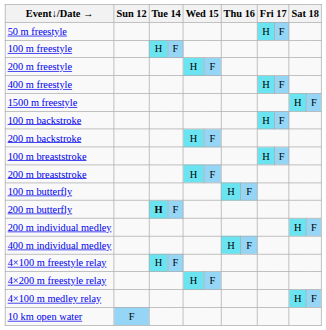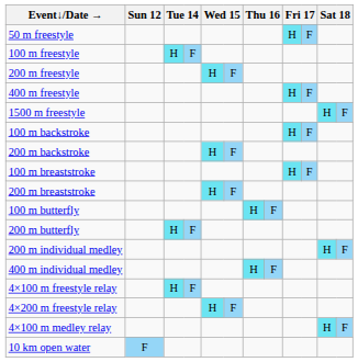 <table class="wikitable" style="margin:0.5em auto; font-size:90%; line-height:1.25em;">
 <tr style="text-align:center;">
 <th>Event↓/Date →</th>
 <th>Sun 12</th>
 <th colspan="2">Tue 14</th>
 <th colspan="2">Wed 15</th>
 <th colspan="2">Thu 16</th>
 <th colspan="2">Fri 17</th>
 <th colspan="2">Sat 18</th>
 </tr>
 <tr style="text-align:center;">
 <td style="text-align:left;"><a href='#'>50 m freestyle</a></td>
 <td></td>
 <td colspan="2"></td>
 <td colspan="2"></td>
 <td colspan="2"></td>
 <td style="background-color:#6be4f2;">H</td>
 <td style="background-color:#95d6f7;">F</td>
 <td colspan="2"></td>
 </tr>
 <tr style="text-align:center;">
 <td style="text-align:left;"><a href='#'>100 m freestyle</a></td>
 <td></td>
 <td style="background-color:#6be4f2;">H</td>
 <td style="background-color:#95d6f7;">F</td>
 <td colspan="2"></td>
 <td colspan="2"></td>
 <td colspan="2"></td>
 <td colspan="2"></td>
 </tr>
 <tr style="text-align:center;">
 <td style="text-align:left;"><a href='#'>200 m freestyle</a></td>
 <td></td>
 <td colspan="2"></td>
 <td style="background-color:#6be4f2;">H</td>
 <td style="background-color:#95d6f7;">F</td>
 <td colspan="2"></td>
 <td colspan="2"></td>
 <td colspan="2"></td>
 </tr>
 <tr style="text-align:center;">
 <td style="text-align:left;"><a href='#'>400 m freestyle</a></td>
 <td></td>
 <td colspan="2"></td>
 <td colspan="2"></td>
 <td colspan="2"></td>
 <td style="background-color:#6be4f2;">H</td>
 <td style="background-color:#95d6f7;">F</td>
 <td colspan="2"></td>
 </tr>
 <tr style="text-align:center;">
 <td style="text-align:left;"><a href='#'>1500 m freestyle</a></td>
 <td></td>
 <td colspan="2"></td>
 <td colspan="2"></td>
 <td colspan="2"></td>
 <td colspan="2"></td>
 <td style="background-color:#6be4f2;">H</td>
 <td style="background-color:#95d6f7;">F</td>
 </tr>
 <tr style="text-align:center;">
 <td style="text-align:left;"><a href='#'>100 m backstroke</a></td>
 <td></td>
 <td colspan="2"></td>
 <td colspan="2"></td>
 <td colspan="2"></td>
 <td style="background-color:#6be4f2;">H</td>
 <td style="background-color:#95d6f7;">F</td>
 <td colspan="2"></td>
 </tr>
 <tr style="text-align:center;">
 <td style="text-align:left;"><a href='#'>200 m backstroke</a></td>
 <td></td>
 <td colspan="2"></td>
 <td style="background-color:#6be4f2;">H</td>
 <td style="background-color:#95d6f7;">F</td>
 <td colspan="2"></td>
 <td colspan="2"></td>
 <td colspan="2"></td>
 </tr>
 <tr style="text-align:center;">
 <td style="text-align:left;"><a href='#'>100 m breaststroke</a></td>
 <td></td>
 <td colspan="2"></td>
 <td colspan="2"></td>
 <td colspan="2"></td>
 <td style="background-color:#6be4f2;">H</td>
 <td style="background-color:#95d6f7;">F</td>
 <td colspan="2"></td>
 </tr>
 <tr style="text-align:center;">
 <td style="text-align:left;"><a href='#'>200 m breaststroke</a></td>
 <td></td>
 <td colspan="2"></td>
 <td style="background-color:#6be4f2;">H</td>
 <td style="background-color:#95d6f7;">F</td>
 <td colspan="2"></td>
 <td colspan="2"></td>
 <td colspan="2"></td>
 </tr>
 <tr style="text-align:center;">
 <td style="text-align:left;"><a href='#'>100 m butterfly</a></td>
 <td></td>
 <td colspan="2"></td>
 <td colspan="2"></td>
 <td style="background-color:#6be4f2;">H</td>
 <td style="background-color:#95d6f7;">F</td>
 <td colspan="2"></td>
 <td colspan="2"></td>
 </tr>
 <tr style="text-align:center;">
 <td style="text-align:left;"><a href='#'>200 m butterfly</a></td>
 <td></td>
-<td style="background-color:#6be4f2;"><strong>H</strong></td>
+<td style="background-color:#6be4f2;">H</td>
 <td style="background-color:#95d6f7;">F</td>
 <td colspan="2"></td>
 <td colspan="2"></td>
 <td colspan="2"></td>
 <td colspan="2"></td>
 </tr>
 <tr style="text-align:center;">
 <td style="text-align:left;"><a href='#'>200 m individual medley</a></td>
 <td></td>
 <td colspan="2"></td>
 <td colspan="2"></td>
 <td colspan="2"></td>
 <td colspan="2"></td>
 <td style="background-color:#6be4f2;">H</td>
 <td style="background-color:#95d6f7;">F</td>
 </tr>
 <tr style="text-align:center;">
 <td style="text-align:left;"><a href='#'>400 m individual medley</a></td>
 <td></td>
 <td colspan="2"></td>
 <td colspan="2"></td>
 <td style="background-color:#6be4f2;">H</td>
 <td style="background-color:#95d6f7;">F</td>
 <td colspan="2"></td>
 <td colspan="2"></td>
 </tr>
 <tr style="text-align:center;">
 <td style="text-align:left;"><a href='#'>4×100 m freestyle relay</a></td>
 <td></td>
 <td style="background-color:#6be4f2;">H</td>
 <td style="background-color:#95d6f7;">F</td>
 <td colspan="2"></td>
 <td colspan="2"></td>
 <td colspan="2"></td>
 <td colspan="2"></td>
 </tr>
 <tr style="text-align:center;">
 <td style="text-align:left;"><a href='#'>4×200 m freestyle relay</a></td>
 <td></td>
 <td colspan="2"></td>
 <td style="background-color:#6be4f2;">H</td>
 <td style="background-color:#95d6f7;">F</td>
 <td colspan="2"></td>
 <td colspan="2"></td>
 <td colspan="2"></td>
 </tr>
 <tr style="text-align:center;">
 <td style="text-align:left;"><a href='#'>4×100 m medley relay</a></td>
 <td></td>
 <td colspan="2"></td>
 <td colspan="2"></td>
 <td colspan="2"></td>
 <td colspan="2"></td>
 <td style="background-color:#6be4f2;">H</td>
 <td style="background-color:#95d6f7;">F</td>
 </tr>
 <tr style="text-align:center;">
 <td style="text-align:left;"><a href='#'>10 km open water</a></td>
 <td style="background-color:#95d6f7;">F</td>
 <td colspan="2"></td>
 <td colspan="2"></td>
 <td colspan="2"></td>
 <td colspan="2"></td>
 <td colspan="2"></td>
 </tr>
 </table>
